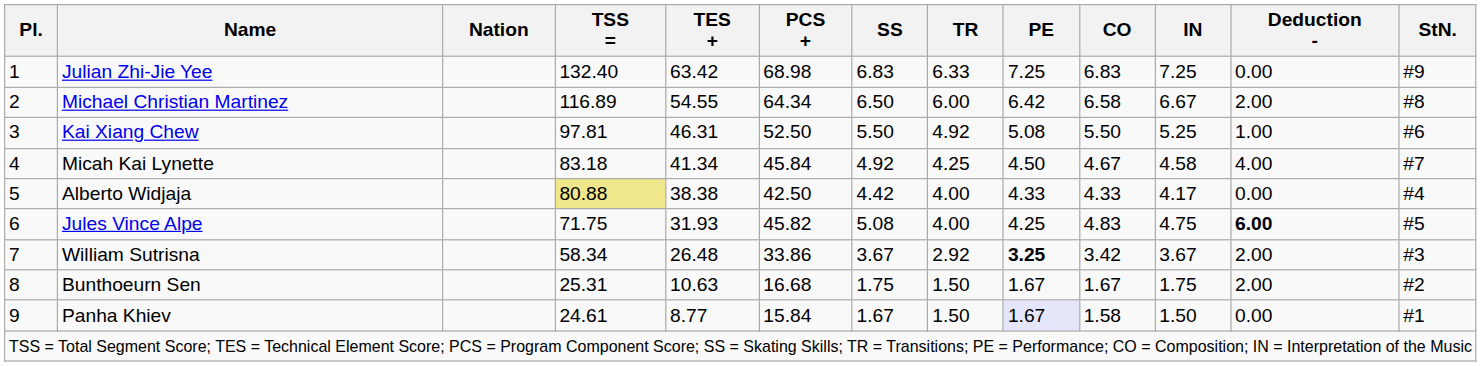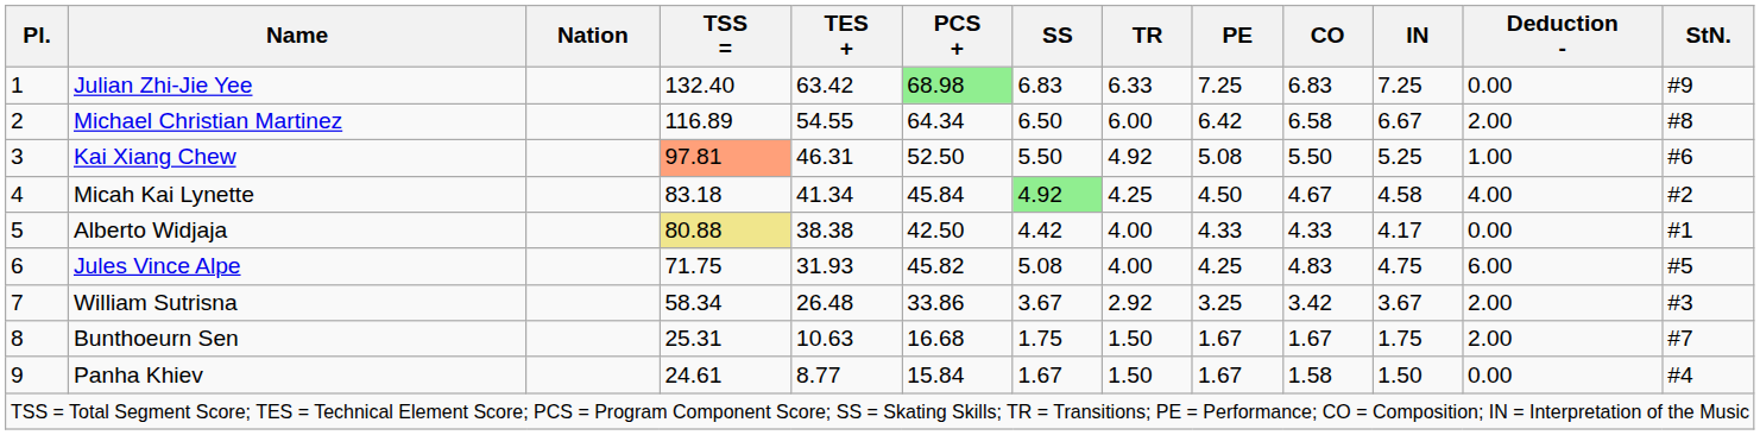 <table class="wikitable">
 <tr>
 <th>Pl.</th>
 <th>Name</th>
 <th>Nation</th>
 <th>TSS<br> =</th>
 <th>TES<br> +</th>
 <th>PCS<br> +</th>
 <th>SS</th>
 <th>TR</th>
 <th>PE</th>
 <th>CO</th>
 <th>IN</th>
 <th>Deduction<br>-</th>
 <th>StN.</th>
 </tr>
 <tr>
 <td>1</td>
 <td><a href='#'>Julian Zhi-Jie Yee</a></td>
 <td></td>
 <td>132.40</td>
 <td>63.42</td>
-<td>68.98</td>
+<td style="background: lightgreen;">68.98</td>
 <td>6.83</td>
 <td>6.33</td>
 <td>7.25</td>
 <td>6.83</td>
 <td>7.25</td>
 <td>0.00</td>
 <td>#9</td>
 </tr>
 <tr>
 <td>2</td>
 <td><a href='#'>Michael Christian Martinez</a></td>
 <td></td>
 <td>116.89</td>
 <td>54.55</td>
 <td>64.34</td>
 <td>6.50</td>
 <td>6.00</td>
 <td>6.42</td>
 <td>6.58</td>
 <td>6.67</td>
 <td>2.00</td>
 <td>#8</td>
 </tr>
 <tr>
 <td>3</td>
 <td><a href='#'>Kai Xiang Chew</a></td>
 <td></td>
-<td>97.81</td>
+<td style="background: lightsalmon;">97.81</td>
 <td>46.31</td>
 <td>52.50</td>
 <td>5.50</td>
 <td>4.92</td>
 <td>5.08</td>
 <td>5.50</td>
 <td>5.25</td>
 <td>1.00</td>
 <td>#6</td>
 </tr>
 <tr>
 <td>4</td>
 <td>Micah Kai Lynette</td>
 <td></td>
 <td>83.18</td>
 <td>41.34</td>
 <td>45.84</td>
-<td>4.92</td>
+<td style="background: lightgreen;">4.92</td>
 <td>4.25</td>
 <td>4.50</td>
 <td>4.67</td>
 <td>4.58</td>
 <td>4.00</td>
-<td>#7</td>
+<td>#2</td>
 </tr>
 <tr>
 <td>5</td>
 <td>Alberto Widjaja</td>
 <td></td>
 <td style="background: khaki;">80.88</td>
 <td>38.38</td>
 <td>42.50</td>
 <td>4.42</td>
 <td>4.00</td>
 <td>4.33</td>
 <td>4.33</td>
 <td>4.17</td>
 <td>0.00</td>
-<td>#4</td>
+<td>#1</td>
 </tr>
 <tr>
 <td>6</td>
 <td><a href='#'>Jules Vince Alpe</a></td>
 <td></td>
 <td>71.75</td>
 <td>31.93</td>
 <td>45.82</td>
 <td>5.08</td>
 <td>4.00</td>
 <td>4.25</td>
 <td>4.83</td>
 <td>4.75</td>
-<td><strong>6.00</strong></td>
+<td>6.00</td>
 <td>#5</td>
 </tr>
 <tr>
 <td>7</td>
 <td>William Sutrisna</td>
 <td></td>
 <td>58.34</td>
 <td>26.48</td>
 <td>33.86</td>
 <td>3.67</td>
 <td>2.92</td>
-<td><strong>3.25</strong></td>
+<td>3.25</td>
 <td>3.42</td>
 <td>3.67</td>
 <td>2.00</td>
 <td>#3</td>
 </tr>
 <tr>
 <td>8</td>
 <td>Bunthoeurn Sen</td>
 <td></td>
 <td>25.31</td>
 <td>10.63</td>
 <td>16.68</td>
 <td>1.75</td>
 <td>1.50</td>
 <td>1.67</td>
 <td>1.67</td>
 <td>1.75</td>
 <td>2.00</td>
-<td>#2</td>
+<td>#7</td>
 </tr>
 <tr>
 <td>9</td>
 <td>Panha Khiev</td>
 <td></td>
 <td>24.61</td>
 <td>8.77</td>
 <td>15.84</td>
 <td>1.67</td>
 <td>1.50</td>
-<td style="background: lavender;">1.67</td>
+<td>1.67</td>
 <td>1.58</td>
 <td>1.50</td>
 <td>0.00</td>
-<td>#1</td>
+<td>#4</td>
 </tr>
 <tr>
 <td colspan="13"><small>TSS = Total Segment Score; TES = Technical Element Score; PCS = Program Component Score; SS = Skating Skills; TR = Transitions; PE = Performance; CO = Composition; IN = Interpretation of the Music</small></td>
 </tr>
 </table>
